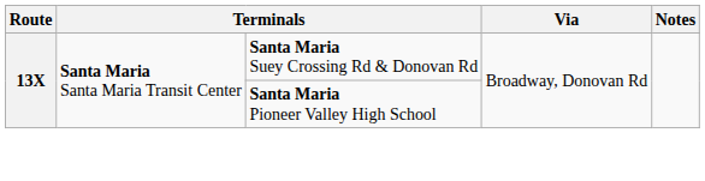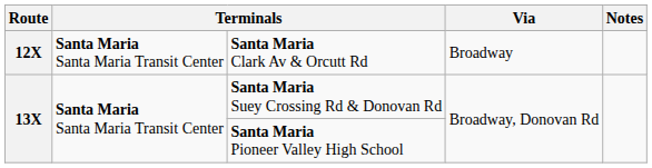 <table class="wikitable" style="font-size: 95%;">
 <tr>
 <th>Route</th>
 <th colspan="2"><strong>Terminals</strong></th>
 <th>Via</th>
 <th>Notes</th>
+</tr>
+<tr>
+<th>12X</th>
+<td><strong>Santa Maria</strong><br>Santa Maria Transit Center</td>
+<td><strong>Santa Maria</strong><br>Clark Av & Orcutt Rd</td>
+<td>Broadway</td>
+<td></td>
 </tr>
 <tr>
 <th rowspan="2">13X</th>
 <td rowspan="2"><strong>Santa Maria</strong><br>Santa Maria Transit Center</td>
 <td><strong>Santa Maria</strong><br>Suey Crossing Rd & Donovan Rd</td>
 <td rowspan="2">Broadway, Donovan Rd</td>
 <td rowspan="2"></td>
 </tr>
 <tr>
 <td><strong>Santa Maria</strong><br>Pioneer Valley High School  </td>
 </tr>
 </table>
